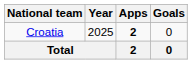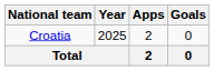 <table class=wikitable style=text-align:center>
 <tr>
 <th>National team</th>
 <th>Year</th>
 <th>Apps</th>
 <th>Goals</th>
 </tr>
 <tr>
 <td><a href='#'>Croatia</a></td>
 <td>2025</td>
-<td><strong>2</strong></td>
+<td>2</td>
 <td>0</td>
 </tr>
 <tr>
 <th colspan="2">Total</th>
 <th>2</th>
 <th>0</th>
 </tr>
 </table>
